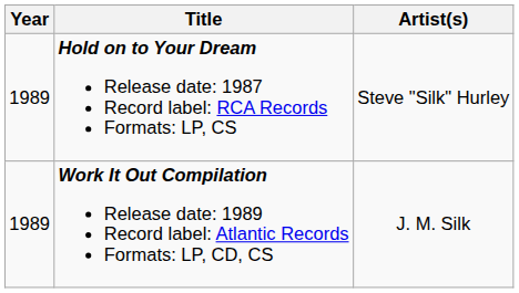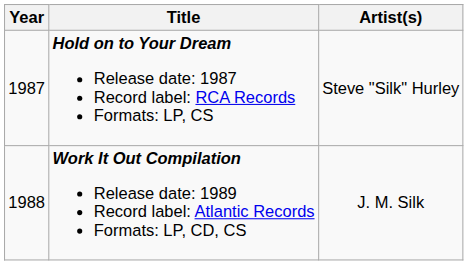 <table class="wikitable" style="text-align:center;">
 <tr>
 <th>Year</th>
 <th>Title</th>
 <th>Artist(s)</th>
 </tr>
 <tr>
-<td>1989</td>
+<td>1987</td>
 <td style="text-align:left;"><strong><em>Hold on to Your Dream</em></strong><br><ul><li>Release date: 1987</li><li>Record label: <a href='#'>RCA Records</a></li><li>Formats: LP, CS</li></ul></td>
 <td>Steve "Silk" Hurley</td>
 </tr>
 <tr>
-<td>1989</td>
+<td>1988</td>
 <td style="text-align:left;"><strong><em>Work It Out Compilation</em></strong><br><ul><li>Release date: 1989</li><li>Record label: <a href='#'>Atlantic Records</a></li><li>Formats: LP, CD, CS</li></ul></td>
 <td>J. M. Silk</td>
 </tr>
 </table>
